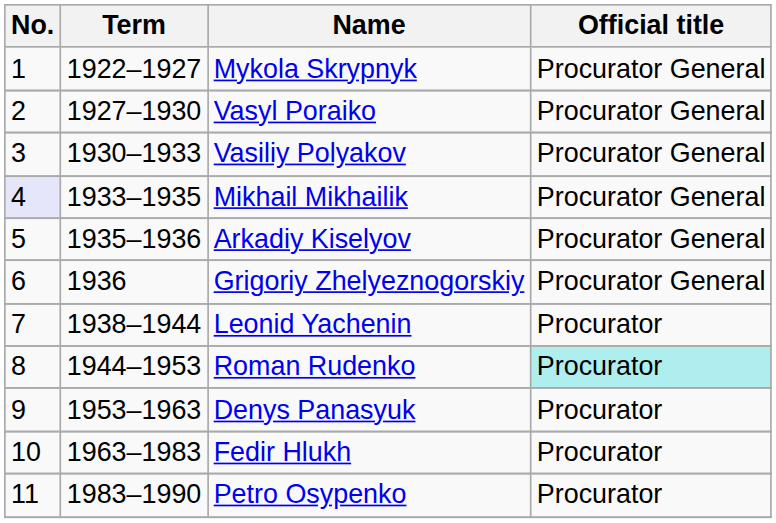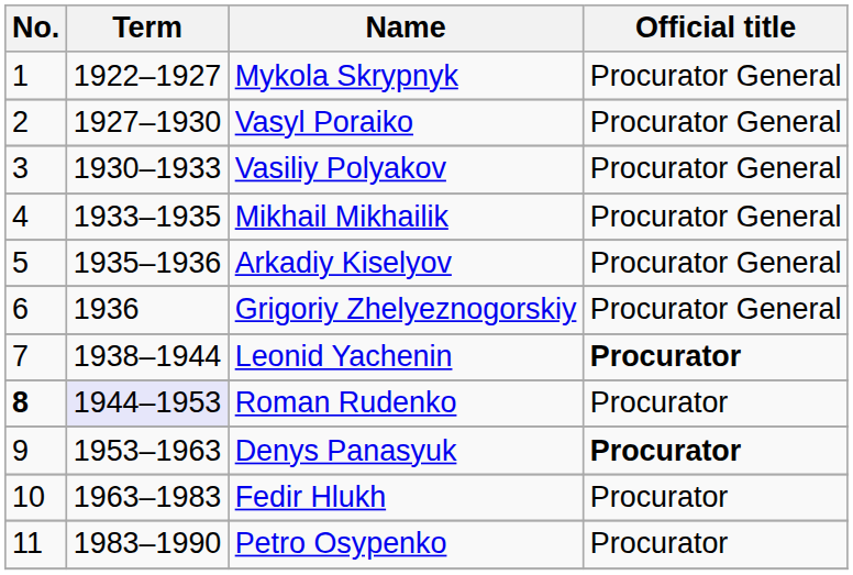 <table class="wikitable">
 <tr>
 <th>No.</th>
 <th>Term</th>
 <th>Name</th>
 <th>Official title</th>
 </tr>
 <tr>
 <td>1</td>
 <td>1922–1927</td>
 <td><a href='#'>Mykola Skrypnyk</a></td>
 <td>Procurator General</td>
 </tr>
 <tr>
 </tr>
 <tr>
 <td>2</td>
 <td>1927–1930</td>
 <td><a href='#'>Vasyl Poraiko</a></td>
 <td>Procurator General</td>
 </tr>
 <tr>
 </tr>
 <tr>
 <td>3</td>
 <td>1930–1933</td>
 <td><a href='#'>Vasiliy Polyakov</a></td>
 <td>Procurator General</td>
 </tr>
 <tr>
 </tr>
 <tr>
-<td style="background: lavender;">4</td>
+<td>4</td>
 <td>1933–1935</td>
 <td><a href='#'>Mikhail Mikhailik</a></td>
 <td>Procurator General</td>
 </tr>
 <tr>
 </tr>
 <tr>
 <td>5</td>
 <td>1935–1936</td>
 <td><a href='#'>Arkadiy Kiselyov</a></td>
 <td>Procurator General</td>
 </tr>
 <tr>
 </tr>
 <tr>
 <td>6</td>
 <td>1936</td>
 <td><a href='#'>Grigoriy Zhelyeznogorskiy</a></td>
 <td>Procurator General</td>
 </tr>
 <tr>
 </tr>
 <tr>
 <td>7</td>
 <td>1938–1944</td>
 <td><a href='#'>Leonid Yachenin</a></td>
-<td>Procurator</td>
+<td><strong>Procurator</strong></td>
 </tr>
 <tr>
 </tr>
 <tr>
-<td>8</td>
-<td>1944–1953</td>
+<td><strong>8</strong></td>
+<td style="background: lavender;">1944–1953</td>
 <td><a href='#'>Roman Rudenko</a></td>
-<td style="background: paleturquoise;">Procurator</td>
+<td>Procurator</td>
 </tr>
 <tr>
 </tr>
 <tr>
 <td>9</td>
 <td>1953–1963</td>
 <td><a href='#'>Denys Panasyuk</a></td>
-<td>Procurator</td>
+<td><strong>Procurator</strong></td>
 </tr>
 <tr>
 </tr>
 <tr>
 <td>10</td>
 <td>1963–1983</td>
 <td><a href='#'>Fedir Hlukh</a></td>
 <td>Procurator</td>
 </tr>
 <tr>
 </tr>
 <tr>
 <td>11</td>
 <td>1983–1990</td>
 <td><a href='#'>Petro Osypenko</a></td>
 <td>Procurator</td>
 </tr>
 <tr>
 </tr>
 </table>
